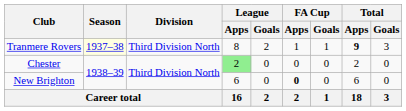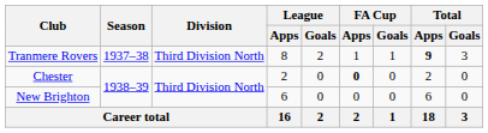 <table class="wikitable" style="text-align:center;">
 <tr>
 <th rowspan="2">Club</th>
 <th rowspan="2">Season</th>
 <th rowspan="2">Division</th>
 <th colspan="2">League</th>
 <th colspan="2">FA Cup</th>
 <th colspan="2">Total</th>
 </tr>
 <tr>
 <th>Apps</th>
 <th>Goals</th>
 <th>Apps</th>
 <th>Goals</th>
 <th>Apps</th>
 <th>Goals</th>
 </tr>
 <tr>
 <td><a href='#'>Tranmere Rovers</a></td>
-<td style="background: lightyellow;"><a href='#'>1937–38</a></td>
+<td><a href='#'>1937–38</a></td>
 <td><a href='#'>Third Division North</a></td>
 <td>8</td>
 <td>2</td>
 <td>1</td>
 <td>1</td>
 <td><strong>9</strong></td>
 <td>3</td>
 </tr>
 <tr>
 <td><a href='#'>Chester</a></td>
 <td rowspan="2"><a href='#'>1938–39</a></td>
 <td rowspan="2"><a href='#'>Third Division North</a></td>
-<td style="background: lightgreen;">2</td>
+<td>2</td>
 <td>0</td>
-<td>0</td>
+<td><strong>0</strong></td>
 <td>0</td>
 <td>2</td>
 <td>0</td>
 </tr>
 <tr>
 <td><a href='#'>New Brighton</a></td>
 <td>6</td>
 <td>0</td>
-<td><strong>0</strong></td>
+<td>0</td>
 <td>0</td>
 <td>6</td>
 <td>0</td>
 </tr>
 <tr>
 <th colspan="3">Career total</th>
 <th>16</th>
 <th>2</th>
 <th>2</th>
 <th>1</th>
 <th>18</th>
 <th>3</th>
 </tr>
 </table>
